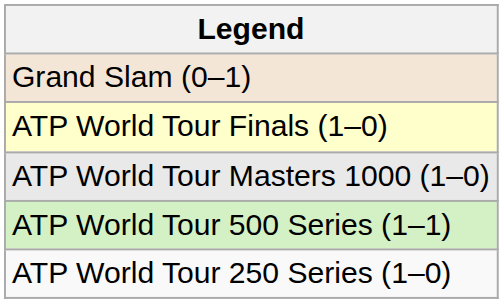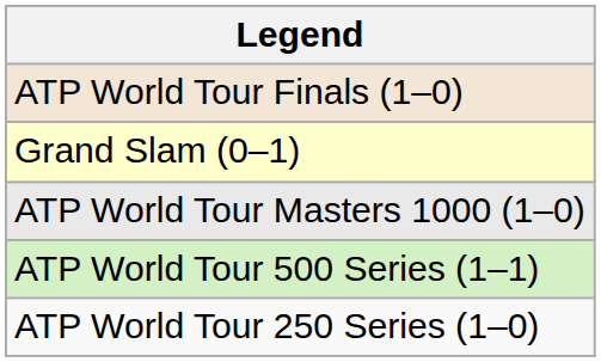 <table class=wikitable style=font-size:97%>
 <tr>
 <th>Legend</th>
 </tr>
 <tr style="background:#f3e6d7;">
-<td>Grand Slam (0–1)</td>
+<td>ATP World Tour Finals (1–0)</td>
 </tr>
 <tr bgcolor=ffffcc>
-<td>ATP World Tour Finals (1–0)</td>
+<td>Grand Slam (0–1)</td>
 </tr>
 <tr style="background:#e9e9e9;">
 <td>ATP World Tour Masters 1000 (1–0)</td>
 </tr>
 <tr bgcolor=#D4F1C5>
 <td>ATP World Tour 500 Series (1–1)</td>
 </tr>
 <tr>
 <td>ATP World Tour 250 Series (1–0)</td>
 </tr>
 </table>
